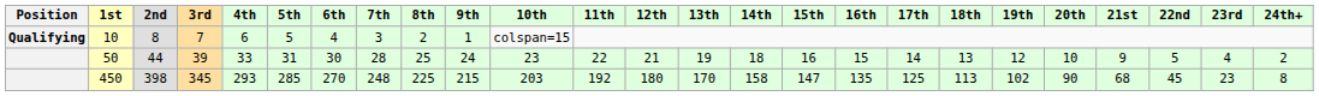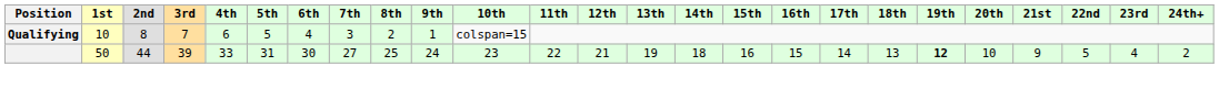 <table class="wikitable" style="font-size:85%; text-align:center;">
 <tr>
 <th>Position</th>
 <td style="background:#ffffbf;"> <strong>1st</strong> </td>
 <td style="background:#dfdfdf;"> <strong>2nd</strong> </td>
 <td style="background:#ffdf9f;"> <strong>3rd</strong> </td>
 <td style="background:#dfffdf;"> <strong>4th</strong> </td>
 <td style="background:#dfffdf;"> <strong>5th</strong> </td>
 <td style="background:#dfffdf;"> <strong>6th</strong> </td>
 <td style="background:#dfffdf;"> <strong>7th</strong> </td>
 <td style="background:#dfffdf;"> <strong>8th</strong> </td>
 <td style="background:#dfffdf;"> <strong>9th</strong> </td>
 <td style="background:#dfffdf;"> <strong>10th</strong> </td>
 <td style="background:#dfffdf;"> <strong>11th</strong> </td>
 <td style="background:#dfffdf;"> <strong>12th</strong> </td>
 <td style="background:#dfffdf;"> <strong>13th</strong> </td>
 <td style="background:#dfffdf;"> <strong>14th</strong> </td>
 <td style="background:#dfffdf;"> <strong>15th</strong> </td>
 <td style="background:#dfffdf;"> <strong>16th</strong> </td>
 <td style="background:#dfffdf;"> <strong>17th</strong> </td>
 <td style="background:#dfffdf;"> <strong>18th</strong> </td>
 <td style="background:#dfffdf;"> <strong>19th</strong> </td>
 <td style="background:#dfffdf;"> <strong>20th</strong> </td>
 <td style="background:#dfffdf;"> <strong>21st</strong> </td>
 <td style="background:#dfffdf;"> <strong>22nd</strong> </td>
 <td style="background:#dfffdf;"> <strong>23rd</strong> </td>
 <td style="background:#dfffdf;"> <strong>24th+</strong> </td>
 </tr>
 <tr align="center">
 <th>Qualifying</th>
 <td style="background:#ffffbf;">10</td>
 <td style="background:#dfdfdf;">8</td>
 <td style="background:#ffdf9f;">7</td>
 <td style="background:#dfffdf;">6</td>
 <td style="background:#dfffdf;">5</td>
 <td style="background:#dfffdf;">4</td>
 <td style="background:#dfffdf;">3</td>
 <td style="background:#dfffdf;">2</td>
 <td style="background:#dfffdf;">1</td>
 <td>colspan=15 </td>
 </tr>
 <tr align="center">
 <th></th>
 <td style="background:#ffffbf;">50</td>
 <td style="background:#dfdfdf;">44</td>
 <td style="background:#ffdf9f;">39</td>
 <td style="background:#dfffdf;">33</td>
 <td style="background:#dfffdf;">31</td>
 <td style="background:#dfffdf;">30</td>
-<td style="background:#dfffdf;">28</td>
+<td style="background:#dfffdf;">27</td>
 <td style="background:#dfffdf;">25</td>
 <td style="background:#dfffdf;">24</td>
 <td style="background:#dfffdf;">23</td>
 <td style="background:#dfffdf;">22</td>
 <td style="background:#dfffdf;">21</td>
 <td style="background:#dfffdf;">19</td>
 <td style="background:#dfffdf;">18</td>
 <td style="background:#dfffdf;">16</td>
 <td style="background:#dfffdf;">15</td>
 <td style="background:#dfffdf;">14</td>
 <td style="background:#dfffdf;">13</td>
-<td style="background:#dfffdf;">12</td>
+<td style="background:#dfffdf;"><strong>12</strong></td>
 <td style="background:#dfffdf;">10</td>
 <td style="background:#dfffdf;">9</td>
 <td style="background:#dfffdf;">5</td>
 <td style="background:#dfffdf;">4</td>
 <td style="background:#dfffdf;">2</td>
 </tr>
-<tr align="center">
-<th></th>
-<td style="background:#ffffbf;">450</td>
-<td style="background:#dfdfdf;">398</td>
-<td style="background:#ffdf9f;">345</td>
-<td style="background:#dfffdf;">293</td>
-<td style="background:#dfffdf;">285</td>
-<td style="background:#dfffdf;">270</td>
-<td style="background:#dfffdf;">248</td>
-<td style="background:#dfffdf;">225</td>
-<td style="background:#dfffdf;">215</td>
-<td style="background:#dfffdf;">203</td>
-<td style="background:#dfffdf;">192</td>
-<td style="background:#dfffdf;">180</td>
-<td style="background:#dfffdf;">170</td>
-<td style="background:#dfffdf;">158</td>
-<td style="background:#dfffdf;">147</td>
-<td style="background:#dfffdf;">135</td>
-<td style="background:#dfffdf;">125</td>
-<td style="background:#dfffdf;">113</td>
-<td style="background:#dfffdf;">102</td>
-<td style="background:#dfffdf;">90</td>
-<td style="background:#dfffdf;">68</td>
-<td style="background:#dfffdf;">45</td>
-<td style="background:#dfffdf;">23</td>
-<td style="background:#dfffdf;">8</td>
-</tr>
 </table>
